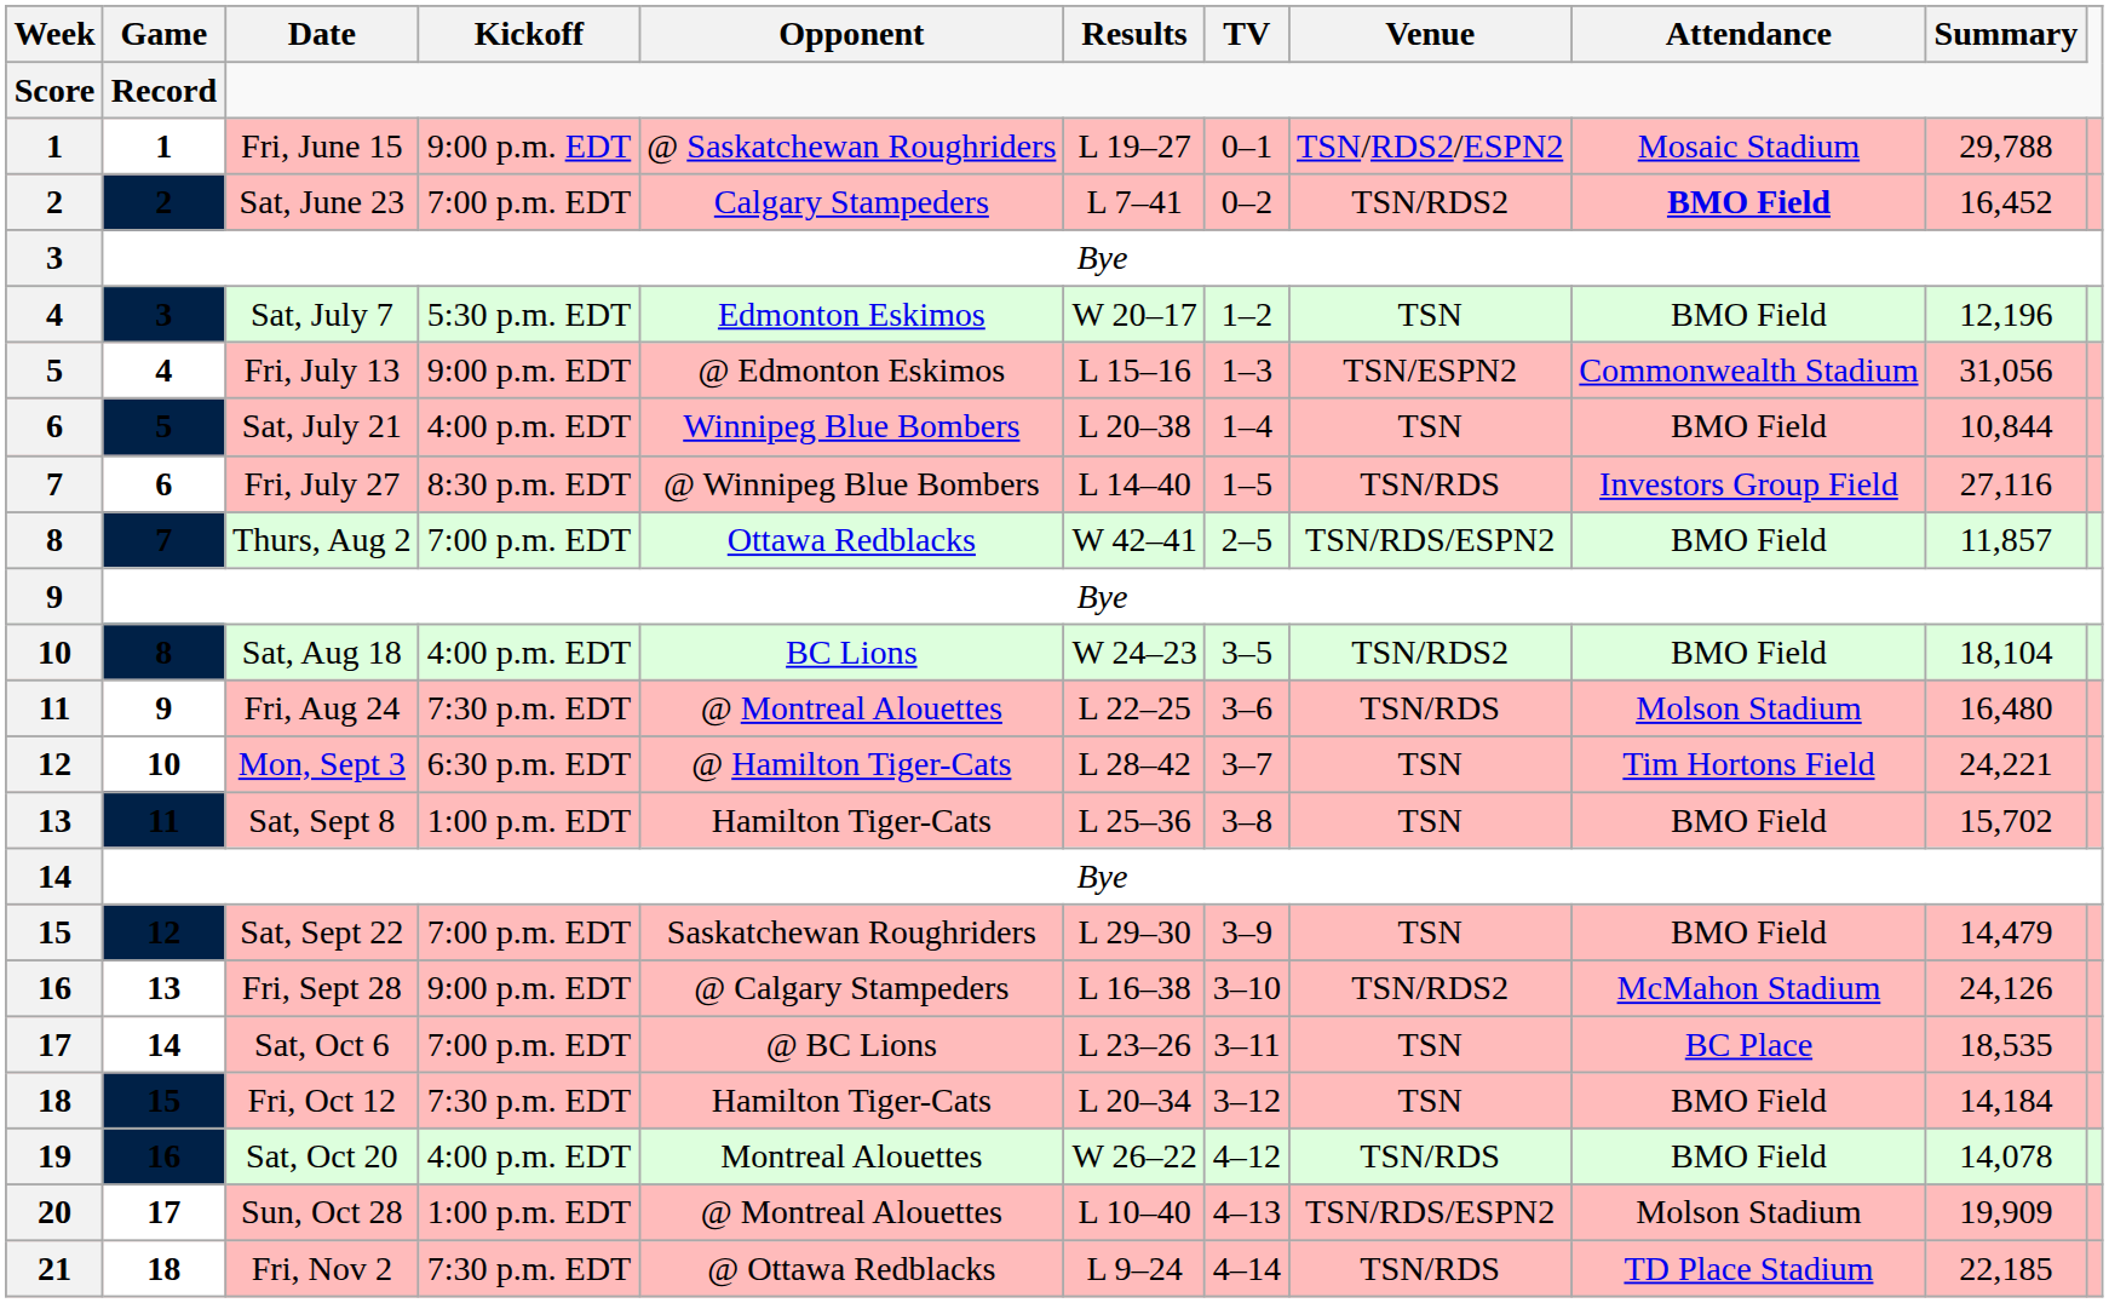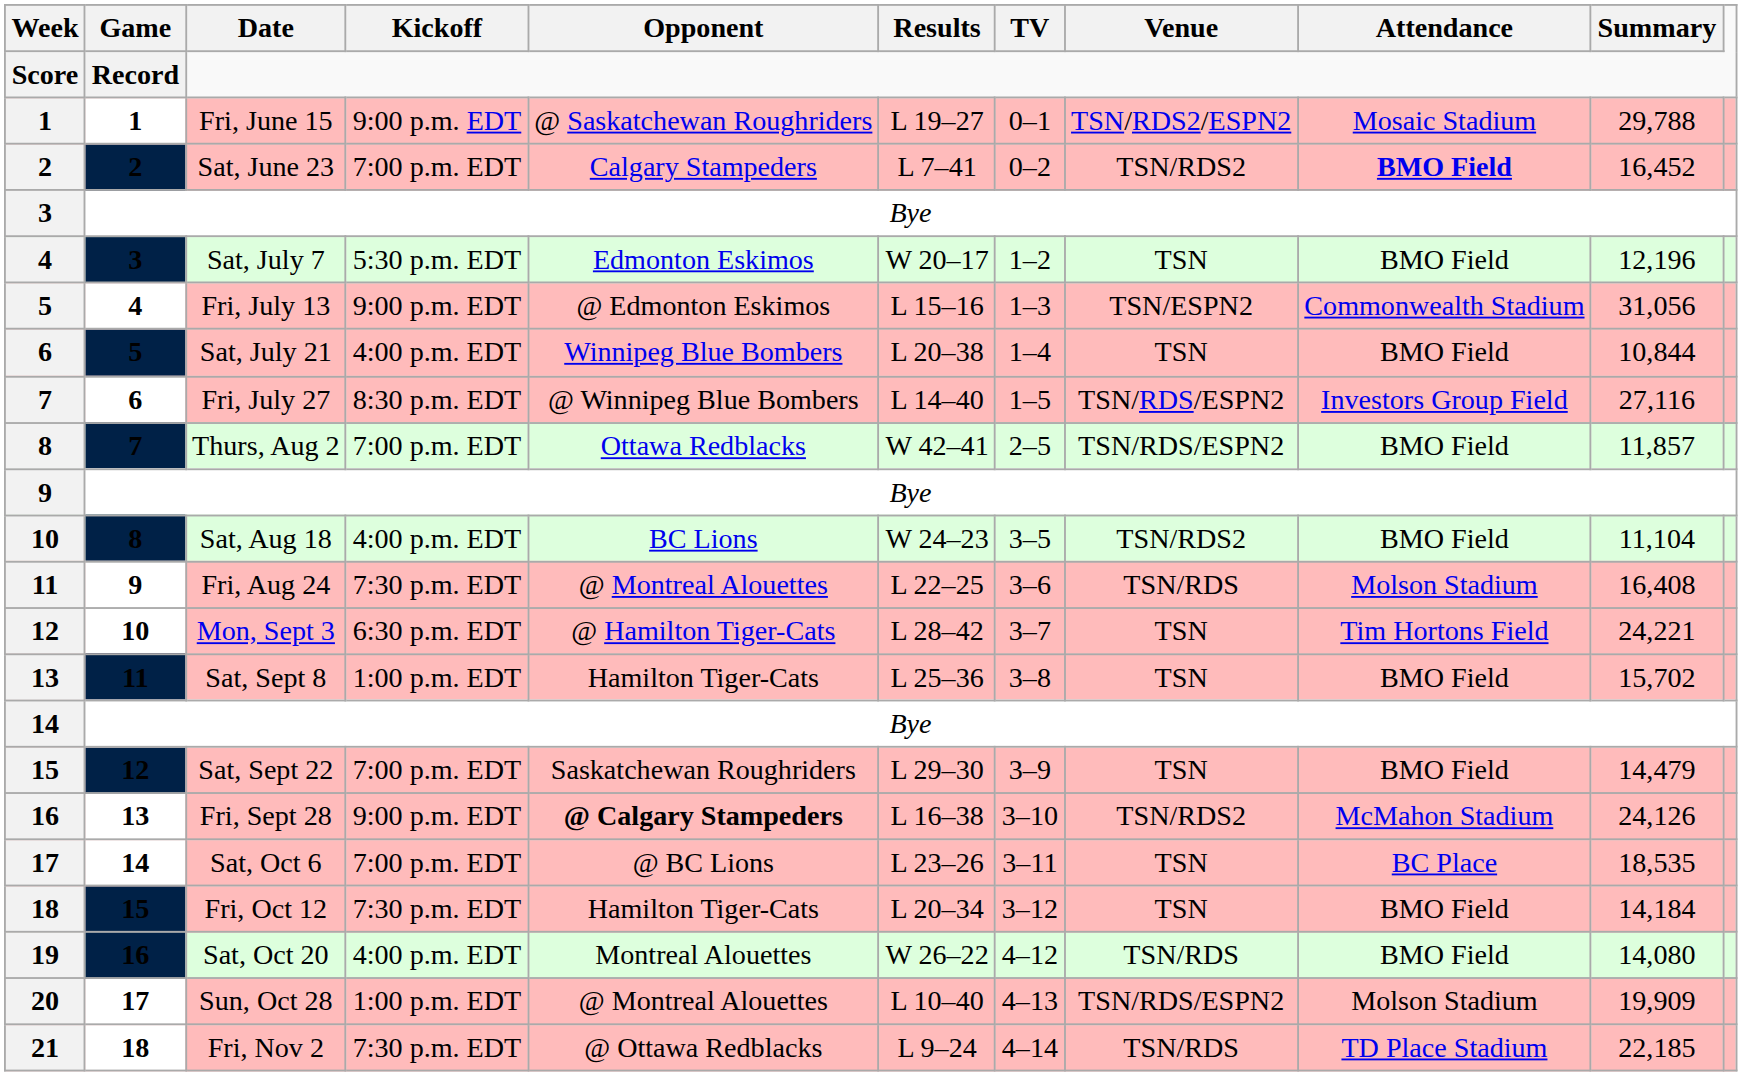 <table class="wikitable" style="font-size: 95%;">
 <tr>
 <th scope="col">Week</th>
 <th scope="col">Game</th>
 <th scope="col">Date</th>
 <th scope="col">Kickoff</th>
 <th scope="col">Opponent</th>
 <th scope="col">Results</th>
 <th scope="col">TV</th>
 <th scope="col">Venue</th>
 <th scope="col">Attendance</th>
 <th scope="col">Summary</th>
 </tr>
 <tr>
 <th scope="col">Score</th>
 <th scope="col">Record</th>
 </tr>
 <tr align="center" bgcolor="ffbbbb">
 <th align="center">1</th>
 <th style="text-align:center; background:white;"><span>1</span></th>
 <td align="center">Fri, June 15</td>
 <td align="center">9:00 p.m. <a href='#'>EDT</a></td>
 <td align="center">@ <a href='#'>Saskatchewan Roughriders</a></td>
 <td align="center">L 19–27</td>
 <td align="center">0–1</td>
 <td align="center"><a href='#'>TSN</a>/<a href='#'>RDS2</a>/<a href='#'>ESPN2</a></td>
 <td align="center"><a href='#'>Mosaic Stadium</a></td>
 <td align="center">29,788</td>
 <td align="center"></td>
 </tr>
 <tr align="center"= bgcolor="ffbbbb">
 <th align="center">2</th>
 <th style="text-align:center; background:#002147;"><span>2</span></th>
 <td align="center">Sat, June 23</td>
 <td align="center">7:00 p.m. EDT</td>
 <td align="center"><a href='#'>Calgary Stampeders</a></td>
 <td align="center">L 7–41</td>
 <td align="center">0–2</td>
 <td align="center">TSN/RDS2</td>
 <td align="center"><strong><a href='#'>BMO Field</a></strong></td>
 <td align="center">16,452</td>
 <td align="center"></td>
 </tr>
 <tr align="center"= bgcolor="ffffff">
 <th align="center">3</th>
 <td colspan=10 align="center" valign="middle"><em>Bye</em></td>
 </tr>
 <tr align="center"= bgcolor="ddffdd">
 <th align="center">4</th>
 <th style="text-align:center; background:#002147;"><span>3</span></th>
 <td align="center">Sat, July 7</td>
 <td align="center">5:30 p.m. EDT</td>
 <td align="center"><a href='#'>Edmonton Eskimos</a></td>
 <td align="center">W 20–17</td>
 <td align="center">1–2</td>
 <td align="center">TSN</td>
 <td align="center">BMO Field</td>
 <td align="center">12,196</td>
 <td align="center"></td>
 </tr>
 <tr align="center"= bgcolor="ffbbbb">
 <th align="center">5</th>
 <th style="text-align:center; background:white;"><span>4</span></th>
 <td align="center">Fri, July 13</td>
 <td align="center">9:00 p.m. EDT</td>
 <td align="center">@ Edmonton Eskimos</td>
 <td align="center">L 15–16</td>
 <td align="center">1–3</td>
 <td align="center">TSN/ESPN2</td>
 <td align="center"><a href='#'>Commonwealth Stadium</a></td>
 <td align="center">31,056</td>
 <td align="center"></td>
 </tr>
 <tr align="center"= bgcolor="ffbbbb">
 <th align="center">6</th>
 <th style="text-align:center; background:#002147;"><span>5</span></th>
 <td align="center">Sat, July 21</td>
 <td align="center">4:00 p.m. EDT</td>
 <td align="center"><a href='#'>Winnipeg Blue Bombers</a></td>
 <td align="center">L 20–38</td>
 <td align="center">1–4</td>
 <td align="center">TSN</td>
 <td align="center">BMO Field</td>
 <td align="center">10,844</td>
 <td align="center"></td>
 </tr>
 <tr align="center"= bgcolor="ffbbbb">
 <th align="center">7</th>
 <th style="text-align:center; background:white;"><span>6</span></th>
 <td align="center">Fri, July 27</td>
 <td align="center">8:30 p.m. EDT</td>
 <td align="center">@ Winnipeg Blue Bombers</td>
 <td align="center">L 14–40</td>
 <td align="center">1–5</td>
-<td align="center">TSN/RDS</td>
+<td align="center">TSN/<a href='#'>RDS</a>/ESPN2</td>
 <td align="center"><a href='#'>Investors Group Field</a></td>
 <td align="center">27,116</td>
 <td align="center"></td>
 </tr>
 <tr align="center"= bgcolor="ddffdd">
 <th align="center">8</th>
 <th style="text-align:center; background:#002147;"><span>7</span></th>
 <td align="center">Thurs, Aug 2</td>
 <td align="center">7:00 p.m. EDT</td>
 <td align="center"><a href='#'>Ottawa Redblacks</a></td>
 <td align="center">W 42–41</td>
 <td align="center">2–5</td>
 <td align="center">TSN/RDS/ESPN2</td>
 <td align="center">BMO Field</td>
 <td align="center">11,857</td>
 <td align="center"></td>
 </tr>
 <tr align="center"= bgcolor="ffffff">
 <th align="center">9</th>
 <td colspan=10 align="center" valign="middle"><em>Bye</em></td>
 </tr>
 <tr align="center"= bgcolor="ddffdd">
 <th align="center">10</th>
 <th style="text-align:center; background:#002147;"><span>8</span></th>
 <td align="center">Sat, Aug 18</td>
 <td align="center">4:00 p.m. EDT</td>
 <td align="center"><a href='#'>BC Lions</a></td>
 <td align="center">W 24–23</td>
 <td align="center">3–5</td>
 <td align="center">TSN/RDS2</td>
 <td align="center">BMO Field</td>
-<td align="center">18,104</td>
+<td align="center">11,104</td>
 <td align="center"></td>
 </tr>
 <tr align="center"= bgcolor="ffbbbb">
 <th align="center">11</th>
 <th style="text-align:center; background:white;"><span>9</span></th>
 <td align="center">Fri, Aug 24</td>
 <td align="center">7:30 p.m. EDT</td>
 <td align="center">@ <a href='#'>Montreal Alouettes</a></td>
 <td align="center">L 22–25</td>
 <td align="center">3–6</td>
 <td align="center">TSN/RDS</td>
 <td align="center"><a href='#'>Molson Stadium</a></td>
-<td align="center">16,480</td>
+<td align="center">16,408</td>
 <td align="center"></td>
 </tr>
 <tr align="center"= bgcolor="ffbbbb">
 <th align="center">12</th>
 <th style="text-align:center; background:white;"><span>10</span></th>
 <td align="center"><a href='#'>Mon, Sept 3</a></td>
 <td align="center">6:30 p.m. EDT</td>
 <td align="center">@ <a href='#'>Hamilton Tiger-Cats</a></td>
 <td align="center">L 28–42</td>
 <td align="center">3–7</td>
 <td align="center">TSN</td>
 <td align="center"><a href='#'>Tim Hortons Field</a></td>
 <td align="center">24,221</td>
 <td align="center"></td>
 </tr>
 <tr align="center"= bgcolor="ffbbbb">
 <th align="center">13</th>
 <th style="text-align:center; background:#002147;"><span>11</span></th>
 <td align="center">Sat, Sept 8</td>
 <td align="center">1:00 p.m. EDT</td>
 <td align="center">Hamilton Tiger-Cats</td>
 <td align="center">L 25–36</td>
 <td align="center">3–8</td>
 <td align="center">TSN</td>
 <td align="center">BMO Field</td>
 <td align="center">15,702</td>
 <td align="center"></td>
 </tr>
 <tr align="center"= bgcolor="ffffff">
 <th align="center">14</th>
 <td colspan=10 align="center" valign="middle"><em>Bye</em></td>
 </tr>
 <tr align="center"= bgcolor="ffbbbb">
 <th align="center">15</th>
 <th style="text-align:center; background:#002147;"><span>12</span></th>
 <td align="center">Sat, Sept 22</td>
 <td align="center">7:00 p.m. EDT</td>
 <td align="center">Saskatchewan Roughriders</td>
 <td align="center">L 29–30</td>
 <td align="center">3–9</td>
 <td align="center">TSN</td>
 <td align="center">BMO Field</td>
 <td align="center">14,479</td>
 <td align="center"></td>
 </tr>
 <tr align="center"= bgcolor="ffbbbb">
 <th align="center">16</th>
 <th style="text-align:center; background:white;"><span>13</span></th>
 <td align="center">Fri, Sept 28</td>
 <td align="center">9:00 p.m. EDT</td>
-<td align="center">@ Calgary Stampeders</td>
+<td align="center"><strong>@ Calgary Stampeders</strong></td>
 <td align="center">L 16–38</td>
 <td align="center">3–10</td>
 <td align="center">TSN/RDS2</td>
 <td align="center"><a href='#'>McMahon Stadium</a></td>
 <td align="center">24,126</td>
 <td align="center"></td>
 </tr>
 <tr align="center"= bgcolor="ffbbbb">
 <th align="center">17</th>
 <th style="text-align:center; background:white;"><span>14</span></th>
 <td align="center">Sat, Oct 6</td>
 <td align="center">7:00 p.m. EDT</td>
 <td align="center">@ BC Lions</td>
 <td align="center">L 23–26</td>
 <td align="center">3–11</td>
 <td align="center">TSN</td>
 <td align="center"><a href='#'>BC Place</a></td>
 <td align="center">18,535</td>
 <td align="center"></td>
 </tr>
 <tr align="center"= bgcolor="ffbbbb">
 <th align="center">18</th>
 <th style="text-align:center; background:#002147;"><span>15</span></th>
 <td align="center">Fri, Oct 12</td>
 <td align="center">7:30 p.m. EDT</td>
 <td align="center">Hamilton Tiger-Cats</td>
 <td align="center">L 20–34</td>
 <td align="center">3–12</td>
 <td align="center">TSN</td>
 <td align="center">BMO Field</td>
 <td align="center">14,184</td>
 <td align="center"></td>
 </tr>
 <tr align="center"= bgcolor="ddffdd">
 <th align="center">19</th>
 <th style="text-align:center; background:#002147;"><span>16</span></th>
 <td align="center">Sat, Oct 20</td>
 <td align="center">4:00 p.m. EDT</td>
 <td align="center">Montreal Alouettes</td>
 <td align="center">W 26–22</td>
 <td align="center">4–12</td>
 <td align="center">TSN/RDS</td>
 <td align="center">BMO Field</td>
-<td align="center">14,078</td>
+<td align="center">14,080</td>
 <td align="center"></td>
 </tr>
 <tr align="center"= bgcolor="ffbbbb">
 <th align="center">20</th>
 <th style="text-align:center; background:white;"><span>17</span></th>
 <td align="center">Sun, Oct 28</td>
 <td align="center">1:00 p.m. EDT</td>
 <td align="center">@ Montreal Alouettes</td>
 <td align="center">L 10–40</td>
 <td align="center">4–13</td>
 <td align="center">TSN/RDS/ESPN2</td>
 <td align="center">Molson Stadium</td>
 <td align="center">19,909</td>
 <td align="center"></td>
 </tr>
 <tr align="center"= bgcolor="ffbbbb">
 <th align="center">21</th>
 <th style="text-align:center; background:white;"><span>18</span></th>
 <td align="center">Fri, Nov 2</td>
 <td align="center">7:30 p.m. EDT</td>
 <td align="center">@ Ottawa Redblacks</td>
 <td align="center">L 9–24</td>
 <td align="center">4–14</td>
 <td align="center">TSN/RDS</td>
 <td align="center"><a href='#'>TD Place Stadium</a></td>
 <td align="center">22,185</td>
 <td align="center"></td>
 </tr>
 </table>
